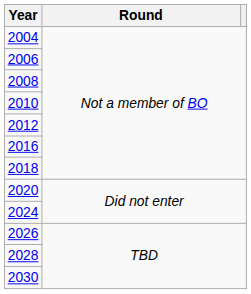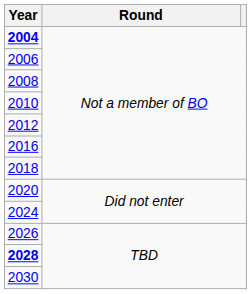 <table class="wikitable" style="text-align: center; font-size:90%">
 <tr>
 <th>Year</th>
 <th style="width:200px">Round</th>
 <th></th>
 </tr>
 <tr>
-<td><a href='#'>2004</a></td>
+<td><strong><a href='#'>2004</a></strong></td>
 <td colspan="2" rowspan="7"><em>Not a member of <a href='#'>BO</a></em></td>
 </tr>
 <tr>
 <td><a href='#'>2006</a></td>
 </tr>
 <tr>
 <td><a href='#'>2008</a></td>
 </tr>
 <tr>
 <td><a href='#'>2010</a></td>
 </tr>
 <tr>
 <td><a href='#'>2012</a></td>
 </tr>
 <tr>
 <td><a href='#'>2016</a></td>
 </tr>
 <tr>
 <td><a href='#'>2018</a></td>
 </tr>
 <tr>
 <td><a href='#'>2020</a></td>
 <td colspan="2" rowspan="2"><em>Did not enter</em></td>
 </tr>
 <tr>
 <td><a href='#'>2024</a></td>
 </tr>
 <tr>
 <td><a href='#'>2026</a></td>
 <td colspan="2" rowspan="3"><em>TBD</em></td>
 </tr>
 <tr>
-<td><a href='#'>2028</a></td>
+<td><strong><a href='#'>2028</a></strong></td>
 </tr>
 <tr>
 <td><a href='#'>2030</a></td>
 </tr>
 </table>
